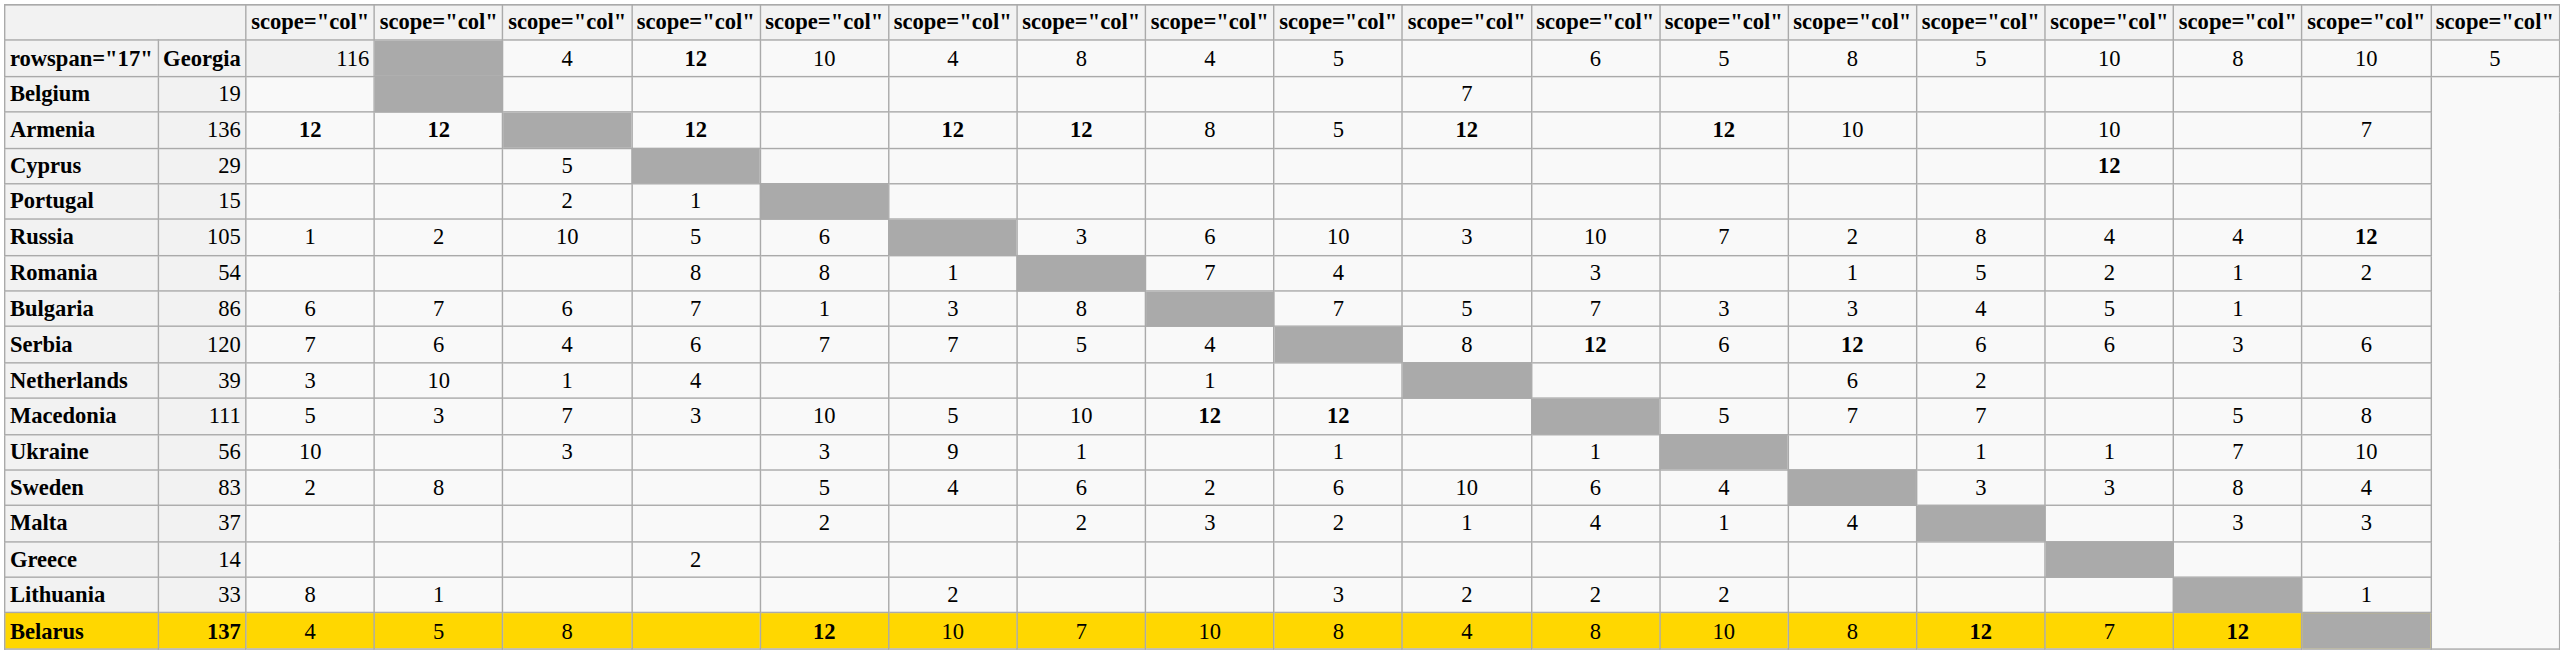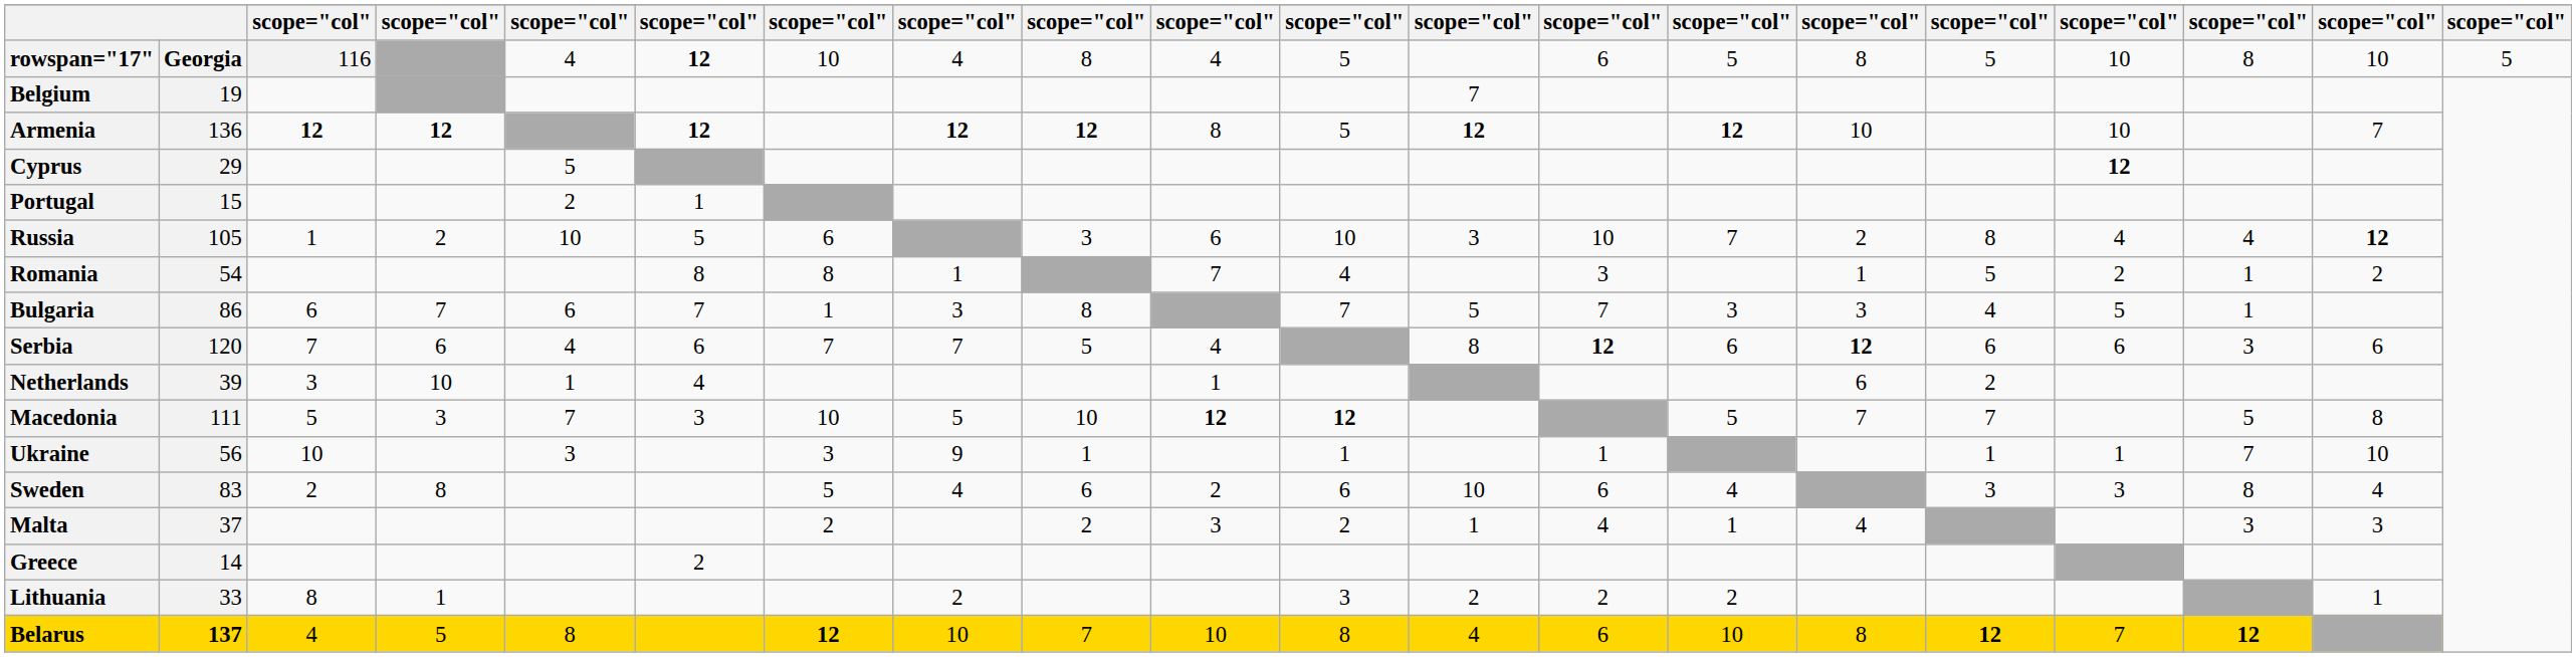 <table class="wikitable plainrowheaders" style="text-align:center;">
 <tr>
 </tr>
 <tr>
 <th colspan="2"></th>
 <th>scope="col" </th>
 <th>scope="col" </th>
 <th>scope="col" </th>
 <th>scope="col" </th>
 <th>scope="col" </th>
 <th>scope="col" </th>
 <th>scope="col" </th>
 <th>scope="col" </th>
 <th>scope="col" </th>
 <th>scope="col" </th>
 <th>scope="col" </th>
 <th>scope="col" </th>
 <th>scope="col" </th>
 <th>scope="col" </th>
 <th>scope="col" </th>
 <th>scope="col" </th>
 <th>scope="col" </th>
 <th>scope="col" </th>
 </tr>
 <tr>
 <th>rowspan="17" </th>
 <th scope="row" style="text-align:left; background:#f2f2f2;">Georgia</th>
 <td style="text-align:right; background:#f2f2f2;">116</td>
 <td style="text-align:left; background:#aaa;"></td>
 <td>4</td>
 <td><strong>12</strong></td>
 <td>10</td>
 <td>4</td>
 <td>8</td>
 <td>4</td>
 <td>5</td>
 <td></td>
 <td>6</td>
 <td>5</td>
 <td>8</td>
 <td>5</td>
 <td>10</td>
 <td>8</td>
 <td>10</td>
 <td>5</td>
 </tr>
 <tr>
 <th scope="row" style="text-align:left; background:#f2f2f2;">Belgium</th>
 <td style="text-align:right; background:#f2f2f2;">19</td>
 <td></td>
 <td style="text-align:left; background:#aaa;"></td>
 <td></td>
 <td></td>
 <td></td>
 <td></td>
 <td></td>
 <td></td>
 <td></td>
 <td>7</td>
 <td></td>
 <td></td>
 <td></td>
 <td></td>
 <td></td>
 <td></td>
 <td></td>
 </tr>
 <tr>
 <th scope="row" style="text-align:left; background:#f2f2f2;">Armenia</th>
 <td style="text-align:right; background:#f2f2f2;">136</td>
 <td><strong>12</strong></td>
 <td><strong>12</strong></td>
 <td style="text-align:left; background:#aaa;"></td>
 <td><strong>12</strong></td>
 <td></td>
 <td><strong>12</strong></td>
 <td><strong>12</strong></td>
 <td>8</td>
 <td>5</td>
 <td><strong>12</strong></td>
 <td></td>
 <td><strong>12</strong></td>
 <td>10</td>
 <td></td>
 <td>10</td>
 <td></td>
 <td>7</td>
 </tr>
 <tr>
 <th scope="row" style="text-align:left; background:#f2f2f2;">Cyprus</th>
 <td style="text-align:right; background:#f2f2f2;">29</td>
 <td></td>
 <td></td>
 <td>5</td>
 <td style="text-align:left; background:#aaa;"></td>
 <td></td>
 <td></td>
 <td></td>
 <td></td>
 <td></td>
 <td></td>
 <td></td>
 <td></td>
 <td></td>
 <td></td>
 <td><strong>12</strong></td>
 <td></td>
 <td></td>
 </tr>
 <tr>
 <th scope="row" style="text-align:left; background:#f2f2f2;">Portugal</th>
 <td style="text-align:right; background:#f2f2f2;">15</td>
 <td></td>
 <td></td>
 <td>2</td>
 <td>1</td>
 <td style="text-align:left; background:#aaa;"></td>
 <td></td>
 <td></td>
 <td></td>
 <td></td>
 <td></td>
 <td></td>
 <td></td>
 <td></td>
 <td></td>
 <td></td>
 <td></td>
 <td></td>
 </tr>
 <tr>
 <th scope="row" style="text-align:left; background:#f2f2f2;">Russia</th>
 <td style="text-align:right; background:#f2f2f2;">105</td>
 <td>1</td>
 <td>2</td>
 <td>10</td>
 <td>5</td>
 <td>6</td>
 <td style="text-align:left; background:#aaa;"></td>
 <td>3</td>
 <td>6</td>
 <td>10</td>
 <td>3</td>
 <td>10</td>
 <td>7</td>
 <td>2</td>
 <td>8</td>
 <td>4</td>
 <td>4</td>
 <td><strong>12</strong></td>
 </tr>
 <tr>
 <th scope="row" style="text-align:left; background:#f2f2f2;">Romania</th>
 <td style="text-align:right; background:#f2f2f2;">54</td>
 <td></td>
 <td></td>
 <td></td>
 <td>8</td>
 <td>8</td>
 <td>1</td>
 <td style="text-align:left; background:#aaa;"></td>
 <td>7</td>
 <td>4</td>
 <td></td>
 <td>3</td>
 <td></td>
 <td>1</td>
 <td>5</td>
 <td>2</td>
 <td>1</td>
 <td>2</td>
 </tr>
 <tr>
 <th scope="row" style="text-align:left; background:#f2f2f2;">Bulgaria</th>
 <td style="text-align:right; background:#f2f2f2;">86</td>
 <td>6</td>
 <td>7</td>
 <td>6</td>
 <td>7</td>
 <td>1</td>
 <td>3</td>
 <td>8</td>
 <td style="text-align:left; background:#aaa;"></td>
 <td>7</td>
 <td>5</td>
 <td>7</td>
 <td>3</td>
 <td>3</td>
 <td>4</td>
 <td>5</td>
 <td>1</td>
 <td></td>
 </tr>
 <tr>
 <th scope="row" style="text-align:left; background:#f2f2f2;">Serbia</th>
 <td style="text-align:right; background:#f2f2f2;">120</td>
 <td>7</td>
 <td>6</td>
 <td>4</td>
 <td>6</td>
 <td>7</td>
 <td>7</td>
 <td>5</td>
 <td>4</td>
 <td style="text-align:left; background:#aaa;"></td>
 <td>8</td>
 <td><strong>12</strong></td>
 <td>6</td>
 <td><strong>12</strong></td>
 <td>6</td>
 <td>6</td>
 <td>3</td>
 <td>6</td>
 </tr>
 <tr>
 <th scope="row" style="text-align:left; background:#f2f2f2;">Netherlands</th>
 <td style="text-align:right; background:#f2f2f2;">39</td>
 <td>3</td>
 <td>10</td>
 <td>1</td>
 <td>4</td>
 <td></td>
 <td></td>
 <td></td>
 <td>1</td>
 <td></td>
 <td style="text-align:left; background:#aaa;"></td>
 <td></td>
 <td></td>
 <td>6</td>
 <td>2</td>
 <td></td>
 <td></td>
 <td></td>
 </tr>
 <tr>
 <th scope="row" style="text-align:left; background:#f2f2f2;">Macedonia</th>
 <td style="text-align:right; background:#f2f2f2;">111</td>
 <td>5</td>
 <td>3</td>
 <td>7</td>
 <td>3</td>
 <td>10</td>
 <td>5</td>
 <td>10</td>
 <td><strong>12</strong></td>
 <td><strong>12</strong></td>
 <td></td>
 <td style="text-align:left; background:#aaa;"></td>
 <td>5</td>
 <td>7</td>
 <td>7</td>
 <td></td>
 <td>5</td>
 <td>8</td>
 </tr>
 <tr>
 <th scope="row" style="text-align:left; background:#f2f2f2;">Ukraine</th>
 <td style="text-align:right; background:#f2f2f2;">56</td>
 <td>10</td>
 <td></td>
 <td>3</td>
 <td></td>
 <td>3</td>
 <td>9</td>
 <td>1</td>
 <td></td>
 <td>1</td>
 <td></td>
 <td>1</td>
 <td style="text-align:left; background:#aaa;"></td>
 <td></td>
 <td>1</td>
 <td>1</td>
 <td>7</td>
 <td>10</td>
 </tr>
 <tr>
 <th scope="row" style="text-align:left; background:#f2f2f2;">Sweden</th>
 <td style="text-align:right; background:#f2f2f2;">83</td>
 <td>2</td>
 <td>8</td>
 <td></td>
 <td></td>
 <td>5</td>
 <td>4</td>
 <td>6</td>
 <td>2</td>
 <td>6</td>
 <td>10</td>
 <td>6</td>
 <td>4</td>
 <td style="text-align:left; background:#aaa;"></td>
 <td>3</td>
 <td>3</td>
 <td>8</td>
 <td>4</td>
 </tr>
 <tr>
 <th scope="row" style="text-align:left; background:#f2f2f2;">Malta</th>
 <td style="text-align:right; background:#f2f2f2;">37</td>
 <td></td>
 <td></td>
 <td></td>
 <td></td>
 <td>2</td>
 <td></td>
 <td>2</td>
 <td>3</td>
 <td>2</td>
 <td>1</td>
 <td>4</td>
 <td>1</td>
 <td>4</td>
 <td style="text-align:left; background:#aaa;"></td>
 <td></td>
 <td>3</td>
 <td>3</td>
 </tr>
 <tr>
 <th scope="row" style="text-align:left; background:#f2f2f2;">Greece</th>
 <td style="text-align:right; background:#f2f2f2;">14</td>
 <td></td>
 <td></td>
 <td></td>
 <td>2</td>
 <td></td>
 <td></td>
 <td></td>
 <td></td>
 <td></td>
 <td></td>
 <td></td>
 <td></td>
 <td></td>
 <td></td>
 <td style="text-align:left; background:#aaa;"></td>
 <td></td>
 <td></td>
 </tr>
 <tr>
 <th scope="row" style="text-align:left; background:#f2f2f2;">Lithuania</th>
 <td style="text-align:right; background:#f2f2f2;">33</td>
 <td>8</td>
 <td>1</td>
 <td></td>
 <td></td>
 <td></td>
 <td>2</td>
 <td></td>
 <td></td>
 <td>3</td>
 <td>2</td>
 <td>2</td>
 <td>2</td>
 <td></td>
 <td></td>
 <td></td>
 <td style="text-align:left; background:#aaa;"></td>
 <td>1</td>
 </tr>
 <tr style="background:gold;">
 <th scope="row" style="text-align:left; font-weight:bold; background:gold;">Belarus</th>
 <td style="text-align:right; font-weight:bold;">137</td>
 <td>4</td>
 <td>5</td>
 <td>8</td>
 <td></td>
 <td><strong>12</strong></td>
 <td>10</td>
 <td>7</td>
 <td>10</td>
 <td>8</td>
 <td>4</td>
-<td>8</td>
+<td>6</td>
 <td>10</td>
 <td>8</td>
 <td><strong>12</strong></td>
 <td>7</td>
 <td><strong>12</strong></td>
 <td style="text-align:left; background:#aaa;"></td>
 </tr>
 </table>
